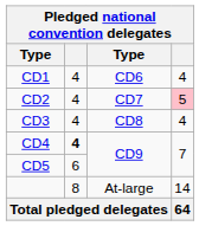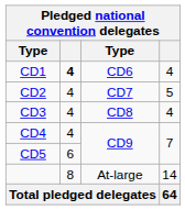 <table class="wikitable sortable" style="font-size:90%;text-align:center;float:right;padding:5px;">
 <tr>
 <th colspan="4">Pledged <a href='#'>national<br>convention</a> delegates</th>
 </tr>
 <tr>
 <th>Type</th>
 <th></th>
 <th>Type</th>
 <th></th>
 </tr>
 <tr>
 <td><a href='#'>CD1</a></td>
-<td>4</td>
+<td><strong>4</strong></td>
 <td><a href='#'>CD6</a></td>
 <td>4</td>
 </tr>
 <tr>
 <td><a href='#'>CD2</a></td>
 <td>4</td>
 <td><a href='#'>CD7</a></td>
-<td style="background: pink;">5</td>
+<td>5</td>
 </tr>
 <tr>
 <td><a href='#'>CD3</a></td>
 <td>4</td>
 <td><a href='#'>CD8</a></td>
 <td>4</td>
 </tr>
 <tr>
 <td><a href='#'>CD4</a></td>
-<td><strong>4</strong></td>
+<td>4</td>
 <td rowspan="2"><a href='#'>CD9</a></td>
 <td rowspan="2">7</td>
 </tr>
 <tr>
 <td><a href='#'>CD5</a></td>
 <td>6</td>
 </tr>
 <tr>
 <td></td>
 <td>8</td>
 <td>At-large</td>
 <td>14</td>
 </tr>
 <tr>
 <th colspan="3">Total pledged delegates</th>
 <th>64</th>
 </tr>
 </table>
